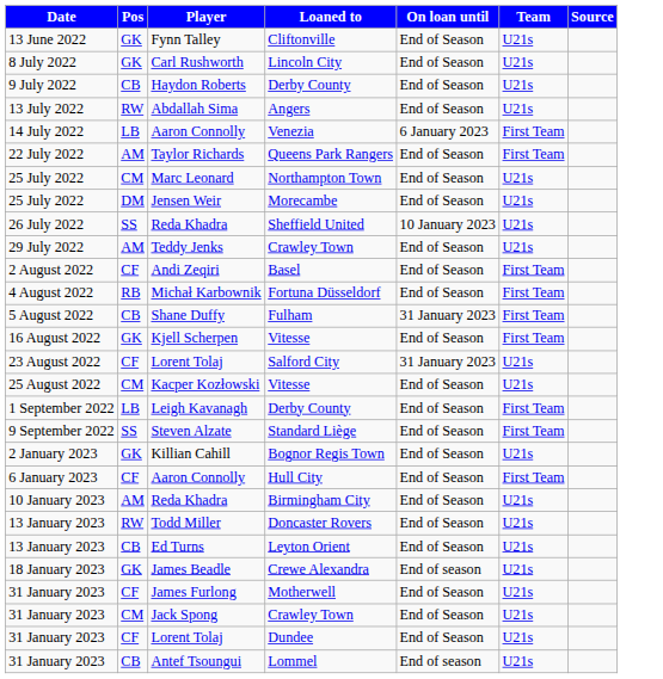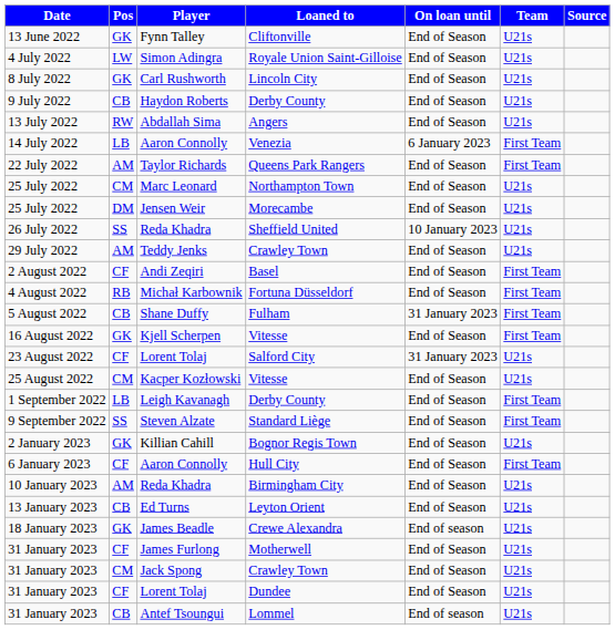 <table class="wikitable plainrowheaders sortable">
 <tr>
 <th style="background:#0000FF; color:#FFFFFF; ">Date</th>
 <th style="background:#0000FF; color:#FFFFFF; ">Pos</th>
 <th style="background:#0000FF; color:#FFFFFF; ">Player</th>
 <th style="background:#0000FF; color:#FFFFFF; ">Loaned to</th>
 <th style="background:#0000FF; color:#FFFFFF; ">On loan until</th>
 <th style="background:#0000FF; color:#FFFFFF; ">Team</th>
 <th style="background:#0000FF; color:#FFFFFF; ">Source</th>
 </tr>
 <tr>
 <td>13 June 2022</td>
 <td><a href='#'>GK</a></td>
 <td> Fynn Talley</td>
 <td> <a href='#'>Cliftonville</a></td>
+<td>End of Season</td>
+<td><a href='#'>U21s</a></td>
+<td></td>
+</tr>
+<tr>
+<td>4 July 2022</td>
+<td><a href='#'>LW</a></td>
+<td> <a href='#'>Simon Adingra</a></td>
+<td> <a href='#'>Royale Union Saint-Gilloise</a></td>
 <td>End of Season</td>
 <td><a href='#'>U21s</a></td>
 <td></td>
 </tr>
 <tr>
 <td>8 July 2022</td>
 <td><a href='#'>GK</a></td>
 <td> <a href='#'>Carl Rushworth</a></td>
 <td> <a href='#'>Lincoln City</a></td>
 <td>End of Season</td>
 <td><a href='#'>U21s</a></td>
 <td></td>
 </tr>
 <tr>
 <td>9 July 2022</td>
 <td><a href='#'>CB</a></td>
 <td> <a href='#'>Haydon Roberts</a></td>
 <td> <a href='#'>Derby County</a></td>
 <td>End of Season</td>
 <td><a href='#'>U21s</a></td>
 <td></td>
 </tr>
 <tr>
 <td>13 July 2022</td>
 <td><a href='#'>RW</a></td>
 <td> <a href='#'>Abdallah Sima</a></td>
 <td> <a href='#'>Angers</a></td>
 <td>End of Season</td>
 <td><a href='#'>U21s</a></td>
 <td></td>
 </tr>
 <tr>
 <td>14 July 2022</td>
 <td><a href='#'>LB</a></td>
 <td> <a href='#'>Aaron Connolly</a></td>
 <td> <a href='#'>Venezia</a></td>
 <td>6 January 2023</td>
 <td><a href='#'>First Team</a></td>
 <td></td>
 </tr>
 <tr>
 <td>22 July 2022</td>
 <td><a href='#'>AM</a></td>
 <td> <a href='#'>Taylor Richards</a></td>
 <td> <a href='#'>Queens Park Rangers</a></td>
 <td>End of Season</td>
 <td><a href='#'>First Team</a></td>
 <td></td>
 </tr>
 <tr>
 <td>25 July 2022</td>
 <td><a href='#'>CM</a></td>
 <td> <a href='#'>Marc Leonard</a></td>
 <td> <a href='#'>Northampton Town</a></td>
 <td>End of Season</td>
 <td><a href='#'>U21s</a></td>
 <td></td>
 </tr>
 <tr>
 <td>25 July 2022</td>
 <td><a href='#'>DM</a></td>
 <td> <a href='#'>Jensen Weir</a></td>
 <td> <a href='#'>Morecambe</a></td>
 <td>End of Season</td>
 <td><a href='#'>U21s</a></td>
 <td></td>
 </tr>
 <tr>
 <td>26 July 2022</td>
 <td><a href='#'>SS</a></td>
 <td> <a href='#'>Reda Khadra</a></td>
 <td> <a href='#'>Sheffield United</a></td>
 <td>10 January 2023</td>
 <td><a href='#'>U21s</a></td>
 <td></td>
 </tr>
 <tr>
 <td>29 July 2022</td>
 <td><a href='#'>AM</a></td>
 <td> <a href='#'>Teddy Jenks</a></td>
 <td> <a href='#'>Crawley Town</a></td>
 <td>End of Season</td>
 <td><a href='#'>U21s</a></td>
 <td></td>
 </tr>
 <tr>
 <td>2 August 2022</td>
 <td><a href='#'>CF</a></td>
 <td> <a href='#'>Andi Zeqiri</a></td>
 <td> <a href='#'>Basel</a></td>
 <td>End of Season</td>
 <td><a href='#'>First Team</a></td>
 <td></td>
 </tr>
 <tr>
 <td>4 August 2022</td>
 <td><a href='#'>RB</a></td>
 <td> <a href='#'>Michał Karbownik</a></td>
 <td> <a href='#'>Fortuna Düsseldorf</a></td>
 <td>End of Season</td>
 <td><a href='#'>First Team</a></td>
 <td></td>
 </tr>
 <tr>
 <td>5 August 2022</td>
 <td><a href='#'>CB</a></td>
 <td> <a href='#'>Shane Duffy</a></td>
 <td> <a href='#'>Fulham</a></td>
 <td>31 January 2023</td>
 <td><a href='#'>First Team</a></td>
 <td></td>
 </tr>
 <tr>
 <td>16 August 2022</td>
 <td><a href='#'>GK</a></td>
 <td> <a href='#'>Kjell Scherpen</a></td>
 <td> <a href='#'>Vitesse</a></td>
 <td>End of Season</td>
 <td><a href='#'>First Team</a></td>
 <td></td>
 </tr>
 <tr>
 <td>23 August 2022</td>
 <td><a href='#'>CF</a></td>
 <td> <a href='#'>Lorent Tolaj</a></td>
 <td> <a href='#'>Salford City</a></td>
 <td>31 January 2023</td>
 <td><a href='#'>U21s</a></td>
 <td></td>
 </tr>
 <tr>
 <td>25 August 2022</td>
 <td><a href='#'>CM</a></td>
 <td> <a href='#'>Kacper Kozłowski</a></td>
 <td> <a href='#'>Vitesse</a></td>
 <td>End of Season</td>
 <td><a href='#'>U21s</a></td>
 <td></td>
 </tr>
 <tr>
 <td>1 September 2022</td>
 <td><a href='#'>LB</a></td>
 <td> <a href='#'>Leigh Kavanagh</a></td>
 <td> <a href='#'>Derby County</a></td>
 <td>End of Season</td>
 <td><a href='#'>First Team</a></td>
 <td></td>
 </tr>
 <tr>
 <td>9 September 2022</td>
 <td><a href='#'>SS</a></td>
 <td> <a href='#'>Steven Alzate</a></td>
 <td> <a href='#'>Standard Liège</a></td>
 <td>End of Season</td>
 <td><a href='#'>First Team</a></td>
 <td></td>
 </tr>
 <tr>
 <td>2 January 2023</td>
 <td><a href='#'>GK</a></td>
 <td> Killian Cahill</td>
 <td> <a href='#'>Bognor Regis Town</a></td>
 <td>End of Season</td>
 <td><a href='#'>U21s</a></td>
 <td></td>
 </tr>
 <tr>
 <td>6 January 2023</td>
 <td><a href='#'>CF</a></td>
 <td> <a href='#'>Aaron Connolly</a></td>
 <td> <a href='#'>Hull City</a></td>
 <td>End of Season</td>
 <td><a href='#'>First Team</a></td>
 <td></td>
 </tr>
 <tr>
 <td>10 January 2023</td>
 <td><a href='#'>AM</a></td>
 <td> <a href='#'>Reda Khadra</a></td>
 <td> <a href='#'>Birmingham City</a></td>
 <td>End of Season</td>
 <td><a href='#'>U21s</a></td>
 <td></td>
 </tr>
 <tr>
 <td>13 January 2023</td>
-<td><a href='#'>RW</a></td>
-<td> <a href='#'>Todd Miller</a></td>
-<td> <a href='#'>Doncaster Rovers</a></td>
-<td>End of Season</td>
-<td><a href='#'>U21s</a></td>
-<td></td>
-</tr>
-<tr>
-<td>13 January 2023</td>
 <td><a href='#'>CB</a></td>
 <td> <a href='#'>Ed Turns</a></td>
 <td> <a href='#'>Leyton Orient</a></td>
 <td>End of Season</td>
 <td><a href='#'>U21s</a></td>
 <td></td>
 </tr>
 <tr>
 <td>18 January 2023</td>
 <td><a href='#'>GK</a></td>
 <td> <a href='#'>James Beadle</a></td>
 <td> <a href='#'>Crewe Alexandra</a></td>
 <td>End of season </td>
 <td><a href='#'>U21s</a></td>
 <td></td>
 </tr>
 <tr>
 <td>31 January 2023</td>
 <td><a href='#'>CF</a></td>
 <td> <a href='#'>James Furlong</a></td>
 <td> <a href='#'>Motherwell</a></td>
 <td>End of Season</td>
 <td><a href='#'>U21s</a></td>
 <td></td>
 </tr>
 <tr>
 <td>31 January 2023</td>
 <td><a href='#'>CM</a></td>
 <td> <a href='#'>Jack Spong</a></td>
 <td> <a href='#'>Crawley Town</a></td>
 <td>End of Season</td>
 <td><a href='#'>U21s</a></td>
 <td></td>
 </tr>
 <tr>
 <td>31 January 2023</td>
 <td><a href='#'>CF</a></td>
 <td> <a href='#'>Lorent Tolaj</a></td>
 <td> <a href='#'>Dundee</a></td>
 <td>End of Season</td>
 <td><a href='#'>U21s</a></td>
 <td></td>
 </tr>
 <tr>
 <td>31 January 2023</td>
 <td><a href='#'>CB</a></td>
 <td> <a href='#'>Antef Tsoungui</a></td>
 <td> <a href='#'>Lommel</a></td>
 <td>End of season </td>
 <td><a href='#'>U21s</a></td>
 <td></td>
 </tr>
 </table>
